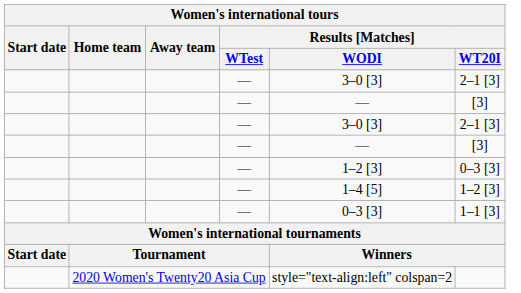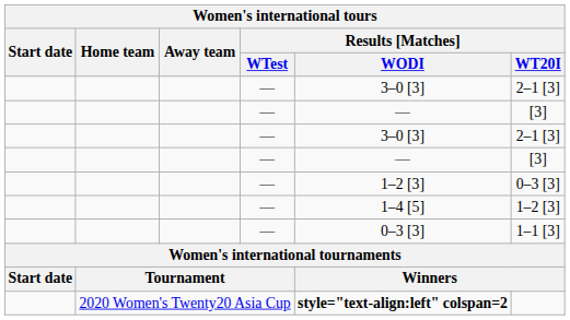 <table class="wikitable unsortable" style="text-align:center; white-space:nowrap">
 <tr>
 <th colspan=6>Women's international tours</th>
 </tr>
 <tr>
 <th rowspan=2>Start date</th>
 <th rowspan=2>Home team</th>
 <th rowspan=2>Away team</th>
 <th colspan=3>Results [Matches]</th>
 </tr>
 <tr>
 <th width=50><a href='#'>WTest</a></th>
 <th width=50><a href='#'>WODI</a></th>
 <th width=50><a href='#'>WT20I</a></th>
 </tr>
 <tr>
 <td style="text-align:left"><a href='#'></a></td>
 <td style="text-align:left"></td>
 <td style="text-align:left"></td>
 <td>—</td>
 <td>3–0 [3]</td>
 <td>2–1 [3]</td>
 </tr>
 <tr>
 <td style="text-align:left"><a href='#'></a></td>
 <td style="text-align:left"> </td>
 <td style="text-align:left"></td>
 <td>—</td>
 <td>—</td>
 <td>[3]</td>
 </tr>
 <tr>
 <td style="text-align:left"><a href='#'></a></td>
 <td style="text-align:left"></td>
 <td style="text-align:left"></td>
 <td>—</td>
 <td>3–0 [3]</td>
 <td>2–1 [3]</td>
 </tr>
 <tr>
 <td style="text-align:left"><a href='#'></a></td>
 <td style="text-align:left"></td>
 <td style="text-align:left"></td>
 <td>—</td>
 <td>—</td>
 <td>[3]</td>
 </tr>
 <tr>
 <td style="text-align:left"><a href='#'></a></td>
 <td style="text-align:left"></td>
 <td style="text-align:left"></td>
 <td>—</td>
 <td>1–2 [3]</td>
 <td>0–3 [3]</td>
 </tr>
 <tr>
 <td style="text-align:left"><a href='#'></a></td>
 <td style="text-align:left"></td>
 <td style="text-align:left"></td>
 <td>—</td>
 <td>1–4 [5]</td>
 <td>1–2 [3]</td>
 </tr>
 <tr>
 <td style="text-align:left"><a href='#'></a></td>
 <td style="text-align:left"></td>
 <td style="text-align:left"></td>
 <td>—</td>
 <td>0–3 [3]</td>
 <td>1–1 [3]</td>
 </tr>
 <tr>
 <th colspan=6>Women's international tournaments</th>
 </tr>
 <tr>
 <th>Start date</th>
 <th colspan=3>Tournament</th>
 <th colspan=2>Winners</th>
 </tr>
 <tr>
 <td style="text-align:left"><a href='#'></a></td>
 <td style="text-align:left" colspan=3> <a href='#'>2020 Women's Twenty20 Asia Cup</a></td>
-<td>style="text-align:left" colspan=2 </td>
+<td><strong>style="text-align:left" colspan=2 </strong></td>
 </tr>
 </table>
